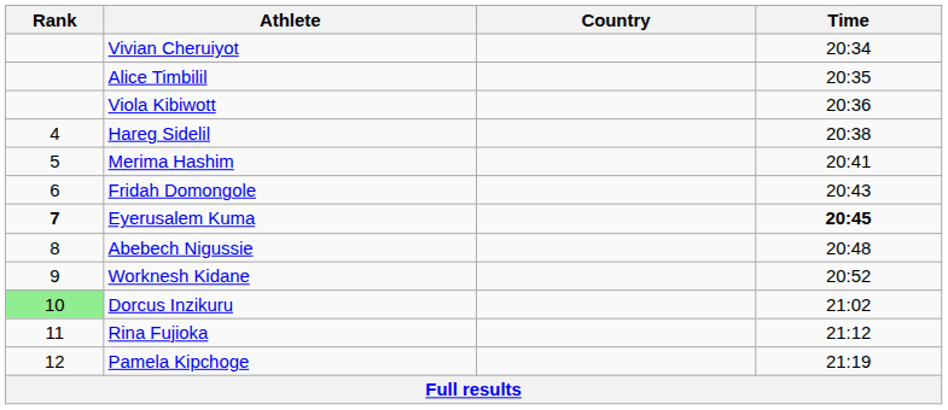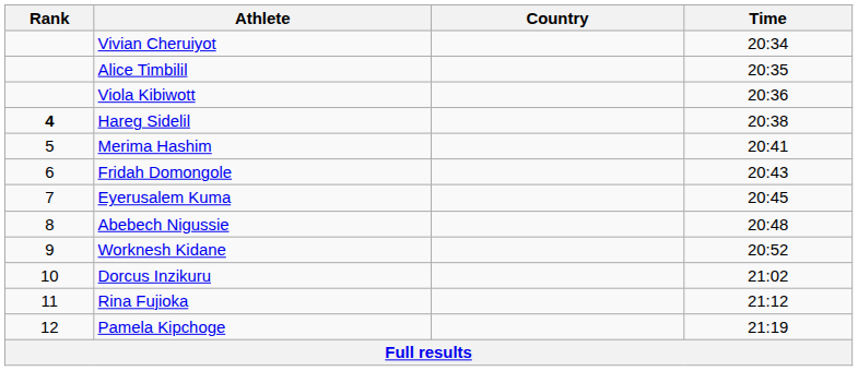 <table class="wikitable sortable" style=" text-align:center; font-size:95%;" width="50%">
 <tr>
 </tr>
 <tr>
 <th width=5%>Rank</th>
 <th width=20%>Athlete</th>
 <th width=15%>Country</th>
 <th width=10%>Time</th>
 </tr>
 <tr>
 <td align=center></td>
 <td align=left><a href='#'>Vivian Cheruiyot</a></td>
 <td align=left></td>
 <td>20:34</td>
 </tr>
 <tr>
 <td align=center></td>
 <td align=left><a href='#'>Alice Timbilil</a></td>
 <td align=left></td>
 <td>20:35</td>
 </tr>
 <tr>
 <td align=center></td>
 <td align=left><a href='#'>Viola Kibiwott</a></td>
 <td align=left></td>
 <td>20:36</td>
 </tr>
 <tr>
-<td align=center>4</td>
+<td align=center><strong>4</strong></td>
 <td align=left><a href='#'>Hareg Sidelil</a></td>
 <td align=left></td>
 <td>20:38</td>
 </tr>
 <tr>
 <td align=center>5</td>
 <td align=left><a href='#'>Merima Hashim</a></td>
 <td align=left></td>
 <td>20:41</td>
 </tr>
 <tr>
 <td align=center>6</td>
 <td align=left><a href='#'>Fridah Domongole</a></td>
 <td align=left></td>
 <td>20:43</td>
 </tr>
 <tr>
-<td align=center><strong>7</strong></td>
+<td align=center>7</td>
 <td align=left><a href='#'>Eyerusalem Kuma</a></td>
 <td align=left></td>
-<td><strong>20:45</strong></td>
+<td>20:45</td>
 </tr>
 <tr>
 <td align=center>8</td>
 <td align=left><a href='#'>Abebech Nigussie</a></td>
 <td align=left></td>
 <td>20:48</td>
 </tr>
 <tr>
 <td align=center>9</td>
 <td align=left><a href='#'>Worknesh Kidane</a></td>
 <td align=left></td>
 <td>20:52</td>
 </tr>
 <tr>
-<td align=center style="background: lightgreen;">10</td>
+<td align=center>10</td>
 <td align=left><a href='#'>Dorcus Inzikuru</a></td>
 <td align=left></td>
 <td>21:02</td>
 </tr>
 <tr>
 <td align=center>11</td>
 <td align=left><a href='#'>Rina Fujioka</a></td>
 <td align=left></td>
 <td>21:12</td>
 </tr>
 <tr>
 <td align=center>12</td>
 <td align=left><a href='#'>Pamela Kipchoge</a></td>
 <td align=left></td>
 <td>21:19</td>
 </tr>
 <tr class="sortbottom">
 <th colspan=4 align=center><a href='#'>Full results</a></th>
 </tr>
 </table>
